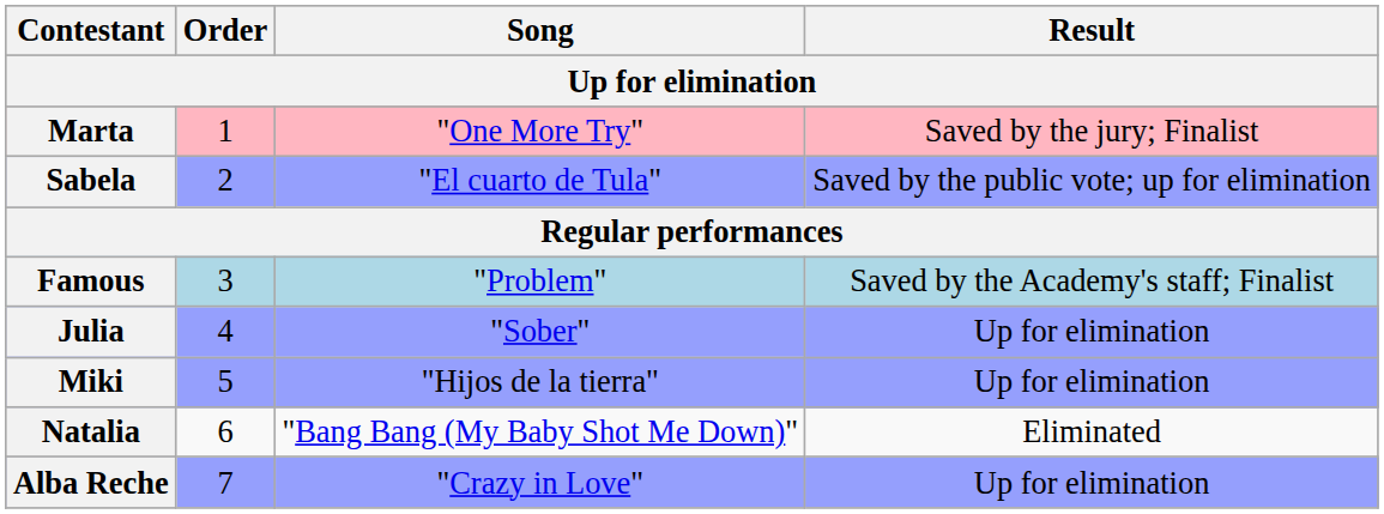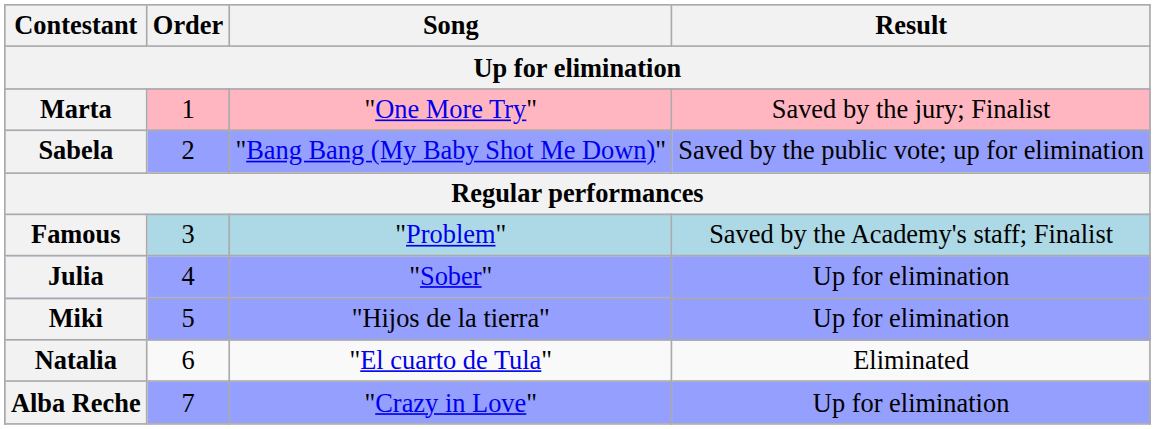 <table class="wikitable plainrowheaders" style="text-align:center;">
 <tr>
 <th scope="col">Contestant</th>
 <th scope="col">Order</th>
 <th scope="col">Song</th>
 <th scope="col">Result</th>
 </tr>
 <tr>
 <th colspan="4">Up for elimination</th>
 </tr>
 <tr style="background:lightpink">
 <th scope="row">Marta</th>
 <td>1</td>
 <td>"<a href='#'>One More Try</a>"</td>
 <td>Saved by the jury; Finalist</td>
 </tr>
 <tr style="background:#959ffd;">
 <th scope="row">Sabela</th>
 <td>2</td>
-<td>"<a href='#'>El cuarto de Tula</a>"</td>
+<td>"<a href='#'>Bang Bang (My Baby Shot Me Down)</a>"</td>
 <td>Saved by the public vote; up for elimination</td>
 </tr>
 <tr>
 <th colspan="4">Regular performances</th>
 </tr>
 <tr style="background:lightblue;">
 <th scope="row">Famous</th>
 <td>3</td>
 <td>"<a href='#'>Problem</a>"</td>
 <td>Saved by the Academy's staff; Finalist</td>
 </tr>
 <tr style="background:#959ffd;">
 <th scope="row">Julia</th>
 <td>4</td>
 <td>"<a href='#'>Sober</a>"</td>
 <td style="background:#959ffd;">Up for elimination</td>
 </tr>
 <tr style="background:#959ffd;">
 <th scope="row">Miki</th>
 <td>5</td>
 <td>"Hijos de la tierra"</td>
 <td style="background:#959ffd;">Up for elimination</td>
 </tr>
 <tr>
 <th scope="row">Natalia</th>
 <td>6</td>
-<td>"<a href='#'>Bang Bang (My Baby Shot Me Down)</a>"</td>
+<td>"<a href='#'>El cuarto de Tula</a>"</td>
 <td>Eliminated</td>
 </tr>
 <tr style="background:#959ffd;">
 <th scope="row">Alba Reche</th>
 <td>7</td>
 <td>"<a href='#'>Crazy in Love</a>"</td>
 <td style="background:#959ffd;">Up for elimination</td>
 </tr>
 </table>
